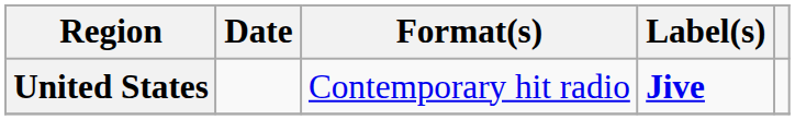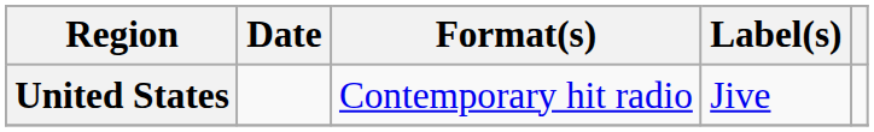 <table class="wikitable plainrowheaders" style="text-align:left">
 <tr>
 <th scope="col">Region</th>
 <th scope="col">Date</th>
 <th scope="col">Format(s)</th>
 <th scope="col">Label(s)</th>
 <th scope="col"></th>
 </tr>
 <tr>
 <th scope="row">United States</th>
 <td></td>
 <td><a href='#'>Contemporary hit radio</a></td>
-<td><strong><a href='#'>Jive</a></strong></td>
+<td><a href='#'>Jive</a></td>
 <td></td>
 </tr>
 <tr>
 </tr>
 </table>
